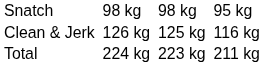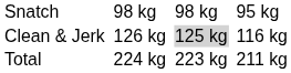 <table>
 <tr>
 <td>Snatch</td>
 <td></td>
 <td>98 kg</td>
 <td></td>
 <td>98 kg</td>
 <td></td>
 <td>95 kg</td>
 </tr>
 <tr>
 <td>Clean & Jerk</td>
 <td></td>
 <td>126 kg</td>
 <td></td>
-<td>125 kg</td>
+<td style="background: lightgrey;">125 kg</td>
 <td></td>
 <td>116 kg</td>
 </tr>
 <tr>
 <td>Total</td>
 <td></td>
 <td>224 kg</td>
 <td></td>
 <td>223 kg</td>
 <td></td>
 <td>211 kg</td>
 </tr>
 </table>
